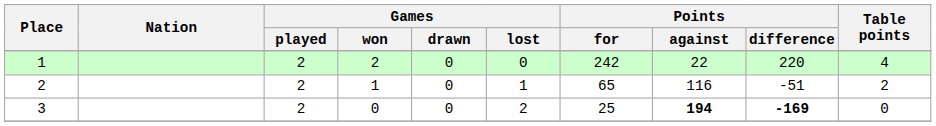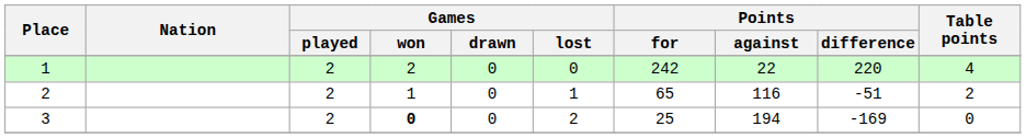 <table class="wikitable">
 <tr>
 <th rowspan=2 width="8%">Place</th>
 <th rowspan=2 width="20%">Nation</th>
 <th colspan=4 width="32%">Games</th>
 <th colspan=3 width="30%">Points</th>
 <th rowspan=2 width="10%">Table<br>points</th>
 </tr>
 <tr>
 <th width="8%">played</th>
 <th width="8%">won</th>
 <th width="8%">drawn</th>
 <th width="8%">lost</th>
 <th width="10%">for</th>
 <th width="10%">against</th>
 <th width="10%">difference</th>
 </tr>
 <tr>
 </tr>
 <tr bgcolor=#ccffcc align=center>
 <td>1</td>
 <td align=left><strong></strong></td>
 <td>2</td>
 <td>2</td>
 <td>0</td>
 <td>0</td>
 <td>242</td>
 <td>22</td>
 <td>220</td>
 <td>4</td>
 </tr>
 <tr bgcolor=#ffffff align=center>
 <td>2</td>
 <td align=left></td>
 <td>2</td>
 <td>1</td>
 <td>0</td>
 <td>1</td>
 <td>65</td>
 <td>116</td>
 <td>-51</td>
 <td>2</td>
 </tr>
 <tr bgcolor=#ffffff align=center>
 <td>3</td>
 <td align=left></td>
 <td>2</td>
-<td>0</td>
+<td><strong>0</strong></td>
 <td>0</td>
 <td>2</td>
 <td>25</td>
-<td><strong>194</strong></td>
-<td><strong>-169</strong></td>
+<td>194</td>
+<td>-169</td>
 <td>0</td>
 </tr>
 <tr bgcolor=#ffffff align=center>
 </tr>
 </table>
